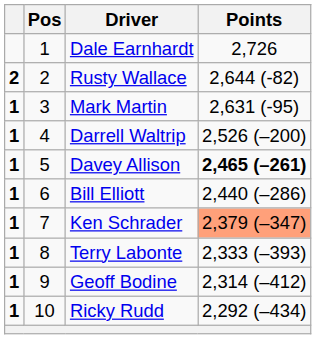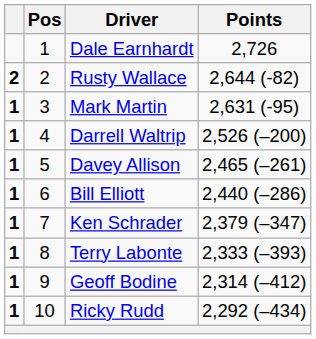 <table class="wikitable" style="font-size: 95%;">
 <tr>
 <th></th>
 <th>Pos</th>
 <th>Driver</th>
 <th>Points</th>
 </tr>
 <tr>
 <td align="left"></td>
 <td style="text-align:center;">1</td>
 <td><a href='#'>Dale Earnhardt</a></td>
 <td style="text-align:center;">2,726</td>
 </tr>
 <tr>
 <td align="left">  <strong>2</strong></td>
 <td style="text-align:center;">2</td>
 <td><a href='#'>Rusty Wallace</a></td>
 <td style="text-align:center;">2,644 (-82)</td>
 </tr>
 <tr>
 <td align="left">  <strong>1</strong></td>
 <td style="text-align:center;">3</td>
 <td><a href='#'>Mark Martin</a></td>
 <td style="text-align:center;">2,631 (-95)</td>
 </tr>
 <tr>
 <td align="left">  <strong>1</strong></td>
 <td style="text-align:center;">4</td>
 <td><a href='#'>Darrell Waltrip</a></td>
 <td style="text-align:center;">2,526 (–200)</td>
 </tr>
 <tr>
 <td align="left">  <strong>1</strong></td>
 <td style="text-align:center;">5</td>
 <td><a href='#'>Davey Allison</a></td>
-<td style="text-align:center;"><strong>2,465 (–261)</strong></td>
+<td style="text-align:center;">2,465 (–261)</td>
 </tr>
 <tr>
 <td align="left">  <strong>1</strong></td>
 <td style="text-align:center;">6</td>
 <td><a href='#'>Bill Elliott</a></td>
 <td style="text-align:center;">2,440 (–286)</td>
 </tr>
 <tr>
 <td align="left">  <strong>1</strong></td>
 <td style="text-align:center;">7</td>
 <td><a href='#'>Ken Schrader</a></td>
-<td style="background: lightsalmon; text-align:center;">2,379 (–347)</td>
+<td style="text-align:center;">2,379 (–347)</td>
 </tr>
 <tr>
 <td align="left">  <strong>1</strong></td>
 <td style="text-align:center;">8</td>
 <td><a href='#'>Terry Labonte</a></td>
 <td style="text-align:center;">2,333 (–393)</td>
 </tr>
 <tr>
 <td align="left">  <strong>1</strong></td>
 <td style="text-align:center;">9</td>
 <td><a href='#'>Geoff Bodine</a></td>
 <td style="text-align:center;">2,314 (–412)</td>
 </tr>
 <tr>
 <td align="left">  <strong>1</strong></td>
 <td style="text-align:center;">10</td>
 <td><a href='#'>Ricky Rudd</a></td>
 <td style="text-align:center;">2,292 (–434)</td>
 </tr>
 <tr class="sortbottom">
 <th colspan="9"></th>
 </tr>
 </table>
